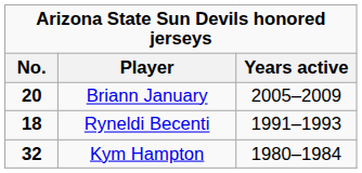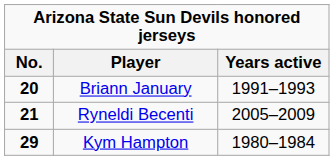 <table class="wikitable sortable" style="text-align:center">
 <tr>
 <td colspan="5"><strong>Arizona State Sun Devils honored jerseys</strong></td>
 </tr>
 <tr>
 <th width=40px>No.</th>
 <th width=150px>Player</th>
 <th width=100px>Years active</th>
 </tr>
 <tr>
 <td><strong>20</strong></td>
 <td><a href='#'>Briann January</a></td>
+<td>1991–1993</td>
+</tr>
+<tr>
+<td><strong>21</strong></td>
+<td><a href='#'>Ryneldi Becenti</a></td>
 <td>2005–2009</td>
 </tr>
 <tr>
-<td><strong>18</strong></td>
-<td><a href='#'>Ryneldi Becenti</a></td>
-<td>1991–1993</td>
-</tr>
-<tr>
-<td><strong>32</strong></td>
+<td><strong>29</strong></td>
 <td><a href='#'>Kym Hampton</a></td>
 <td>1980–1984</td>
 </tr>
 </table>
